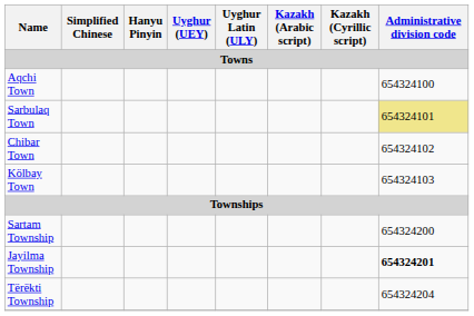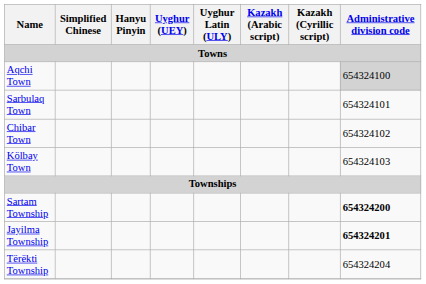 <table class="wikitable" align="center" style="width:50%; border="1">
 <tr>
 <th>Name</th>
 <th>Simplified Chinese</th>
 <th>Hanyu Pinyin</th>
 <th><a href='#'>Uyghur</a> (<a href='#'>UEY</a>)</th>
 <th>Uyghur Latin (<a href='#'>ULY</a>)</th>
 <th><a href='#'>Kazakh</a> (Arabic script)</th>
 <th>Kazakh (Cyrillic script)</th>
 <th><a href='#'>Administrative division code</a></th>
 </tr>
 <tr>
 <td colspan="9"  style="text-align:center; background:#d3d3d3;"><strong>Towns</strong></td>
 </tr>
 <tr --------->
 <td><a href='#'>Aqchi Town</a></td>
 <td></td>
 <td></td>
 <td></td>
 <td></td>
 <td></td>
 <td></td>
-<td>654324100</td>
+<td style="background: lightgrey;">654324100</td>
 </tr>
 <tr>
 <td><a href='#'>Sarbulaq Town</a></td>
 <td></td>
 <td></td>
 <td></td>
 <td></td>
 <td></td>
 <td></td>
-<td style="background: khaki;">654324101</td>
+<td>654324101</td>
 </tr>
 <tr>
 <td><a href='#'>Chibar Town</a></td>
 <td></td>
 <td></td>
 <td></td>
 <td></td>
 <td></td>
 <td></td>
 <td>654324102</td>
 </tr>
 <tr>
 <td><a href='#'>Kölbay Town</a></td>
 <td></td>
 <td></td>
 <td></td>
 <td></td>
 <td></td>
 <td></td>
 <td>654324103</td>
 </tr>
 <tr>
 <td colspan="9"  style="text-align:center; background:#d3d3d3;"><strong>Townships</strong></td>
 </tr>
 <tr --------->
 <td><a href='#'>Sartam Township</a></td>
 <td></td>
 <td></td>
 <td></td>
 <td></td>
 <td></td>
 <td></td>
-<td>654324200</td>
+<td><strong>654324200</strong></td>
 </tr>
 <tr>
 <td><a href='#'>Jayilma Township</a></td>
 <td></td>
 <td></td>
 <td></td>
 <td></td>
 <td></td>
 <td></td>
 <td><strong>654324201</strong></td>
 </tr>
 <tr>
 <td><a href='#'>Tërëkti Township</a></td>
 <td></td>
 <td></td>
 <td></td>
 <td></td>
 <td></td>
 <td></td>
 <td>654324204</td>
 </tr>
 <tr>
 </tr>
 </table>
